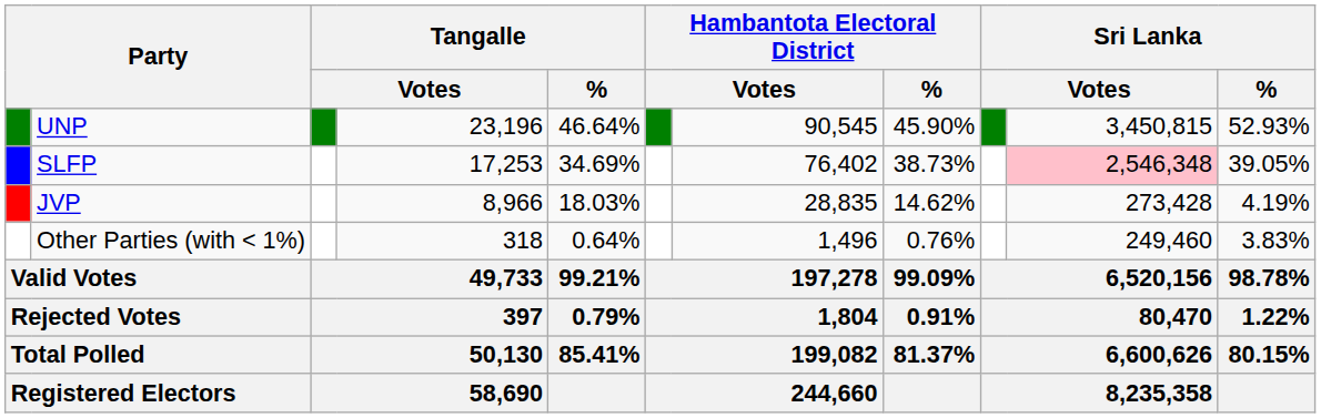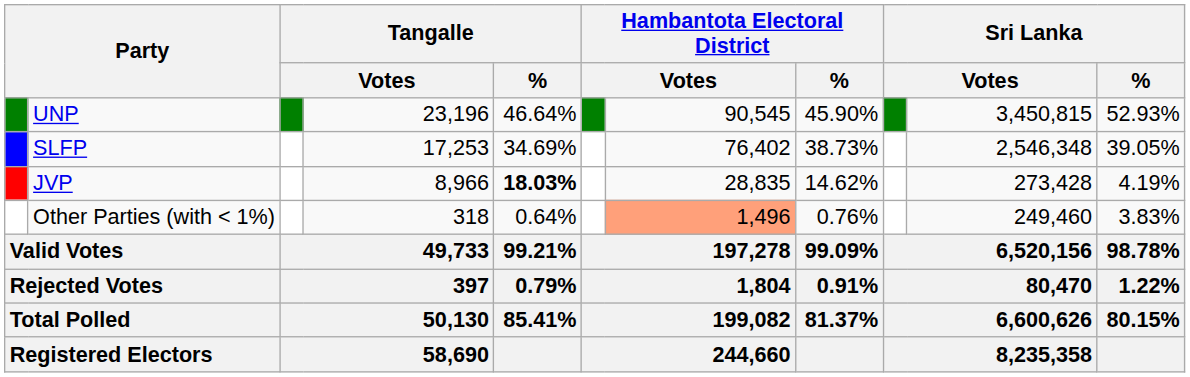 <table class="wikitable">
 <tr>
 <th colspan="2" width="144px"rowspan="2">Party</th>
 <th colspan="3" width="216px">Tangalle</th>
 <th colspan="3" width="216px"><a href='#'>Hambantota Electoral District</a></th>
 <th colspan="3" width="216px">Sri Lanka</th>
 </tr>
 <tr>
 <th colspan="2" width="144px">Votes</th>
 <th>%</th>
 <th colspan="2" width="144px">Votes</th>
 <th>%</th>
 <th colspan="2" width="144px">Votes</th>
 <th>%</th>
 </tr>
 <tr>
 <td style="background-color:green;" width="10px"></td>
 <td style="text-align:left;"><a href='#'>UNP</a></td>
 <td style="background-color:green;" width="10px"></td>
 <td style="text-align:right;">23,196</td>
 <td style="text-align:right;">46.64%</td>
 <td style="background-color:green;" width="10px"></td>
 <td style="text-align:right;">90,545</td>
 <td style="text-align:right;">45.90%</td>
 <td style="background-color:green;" width="10px"></td>
 <td style="text-align:right;">3,450,815</td>
 <td style="text-align:right;">52.93%</td>
 </tr>
 <tr>
 <td style="background-color:blue;" width="10px"></td>
 <td style="text-align:left;"><a href='#'>SLFP</a></td>
 <td style="background-color:white;" width="10px"></td>
 <td style="text-align:right;">17,253</td>
 <td style="text-align:right;">34.69%</td>
 <td style="background-color:white;" width="10px"></td>
 <td style="text-align:right;">76,402</td>
 <td style="text-align:right;">38.73%</td>
 <td style="background-color:white;" width="10px"></td>
-<td style="background: pink; text-align:right;">2,546,348</td>
+<td style="text-align:right;">2,546,348</td>
 <td style="text-align:right;">39.05%</td>
 </tr>
 <tr>
 <td style="background-color:red;" width="10px"></td>
 <td style="text-align:left;"><a href='#'>JVP</a></td>
 <td style="background-color:white;" width="10px"></td>
 <td style="text-align:right;">8,966</td>
-<td style="text-align:right;">18.03%</td>
+<td style="text-align:right;"><strong>18.03%</strong></td>
 <td style="background-color:white;" width="10px"></td>
 <td style="text-align:right;">28,835</td>
 <td style="text-align:right;">14.62%</td>
 <td style="background-color:white;" width="10px"></td>
 <td style="text-align:right;">273,428</td>
 <td style="text-align:right;">4.19%</td>
 </tr>
 <tr>
 <td style="background-color:white;" width="10px"></td>
 <td style="text-align:left;">Other Parties (with < 1%)</td>
 <td style="background-color:white;" width="10px"></td>
 <td style="text-align:right;">318</td>
 <td style="text-align:right;">0.64%</td>
 <td style="background-color:white;" width="10px"></td>
-<td style="text-align:right;">1,496</td>
+<td style="background: lightsalmon; text-align:right;">1,496</td>
 <td style="text-align:right;">0.76%</td>
 <td style="background-color:white;" width="10px"></td>
 <td style="text-align:right;">249,460</td>
 <td style="text-align:right;">3.83%</td>
 </tr>
 <tr>
 <th colspan="2" width="144px"style="text-align:left;">Valid Votes</th>
 <th style="text-align:right;"colspan="2" width="144px">49,733</th>
 <th style="text-align:right;">99.21%</th>
 <th style="text-align:right;"colspan="2" width="144px">197,278</th>
 <th style="text-align:right;">99.09%</th>
 <th style="text-align:right;"colspan="2" width="144px">6,520,156</th>
 <th style="text-align:right;">98.78%</th>
 </tr>
 <tr>
 <th colspan="2" width="144px"style="text-align:left;">Rejected Votes</th>
 <th style="text-align:right;"colspan="2" width="144px">397</th>
 <th style="text-align:right;">0.79%</th>
 <th style="text-align:right;"colspan="2" width="144px">1,804</th>
 <th style="text-align:right;">0.91%</th>
 <th style="text-align:right;"colspan="2" width="144px">80,470</th>
 <th style="text-align:right;">1.22%</th>
 </tr>
 <tr>
 <th colspan="2" width="144px"style="text-align:left;">Total Polled</th>
 <th style="text-align:right;"colspan="2" width="144px">50,130</th>
 <th style="text-align:right;">85.41%</th>
 <th style="text-align:right;"colspan="2" width="144px">199,082</th>
 <th style="text-align:right;">81.37%</th>
 <th style="text-align:right;"colspan="2" width="144px">6,600,626</th>
 <th style="text-align:right;">80.15%</th>
 </tr>
 <tr>
 <th colspan="2" width="144px"style="text-align:left;">Registered Electors</th>
 <th style="text-align:right;"colspan="2" width="144px">58,690</th>
 <th></th>
 <th style="text-align:right;"colspan="2" width="144px">244,660</th>
 <th></th>
 <th style="text-align:right;"colspan="2" width="144px">8,235,358</th>
 <th></th>
 </tr>
 </table>
